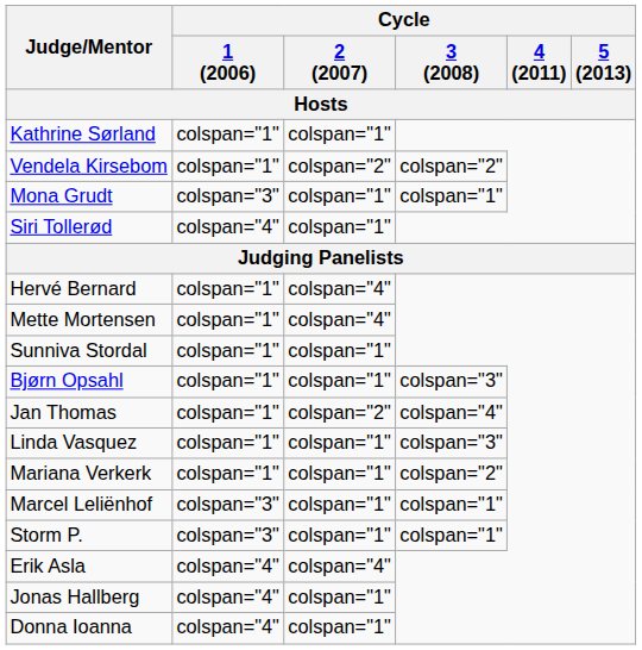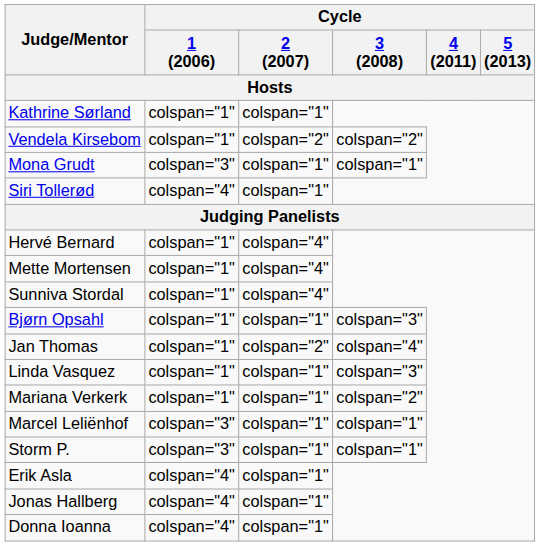 <table class="wikitable" style="margin:1em auto 1em auto;">
 <tr>
 <th rowspan="2">Judge/Mentor</th>
 <th colspan="5">Cycle</th>
 </tr>
 <tr>
 <th><a href='#'>1</a><br> (2006)</th>
 <th><a href='#'>2</a><br> (2007)</th>
 <th><a href='#'>3</a><br> (2008)</th>
 <th><a href='#'>4</a> <br> (2011)</th>
 <th><a href='#'>5</a><br> (2013)</th>
 </tr>
 <tr>
 <th scope="col" colspan="6">Hosts</th>
 </tr>
 <tr>
 <td scope="row"><a href='#'>Kathrine Sørland</a></td>
 <td>colspan="1" </td>
 <td>colspan="1" </td>
 </tr>
 <tr>
 <td scope="row"><a href='#'>Vendela Kirsebom</a></td>
 <td>colspan="1" </td>
 <td>colspan="2" </td>
 <td>colspan="2" </td>
 </tr>
 <tr>
 <td scope="row"><a href='#'>Mona Grudt</a></td>
 <td>colspan="3" </td>
 <td>colspan="1" </td>
 <td>colspan="1" </td>
 </tr>
 <tr>
 <td scope="row"><a href='#'>Siri Tollerød</a></td>
 <td>colspan="4" </td>
 <td>colspan="1" </td>
 </tr>
 <tr>
 <th scope="col" colspan="6">Judging Panelists</th>
 </tr>
 <tr>
 <td scope="row">Hervé Bernard</td>
 <td>colspan="1" </td>
 <td>colspan="4" </td>
 </tr>
 <tr>
 <td scope="row">Mette Mortensen</td>
 <td>colspan="1" </td>
 <td>colspan="4" </td>
 </tr>
 <tr>
 <td scope="row">Sunniva Stordal</td>
 <td>colspan="1" </td>
-<td>colspan="1" </td>
+<td>colspan="4" </td>
 </tr>
 <tr>
 <td scope="row"><a href='#'>Bjørn Opsahl</a></td>
 <td>colspan="1" </td>
 <td>colspan="1" </td>
 <td>colspan="3" </td>
 </tr>
 <tr>
 <td scope="row">Jan Thomas</td>
 <td>colspan="1" </td>
 <td>colspan="2" </td>
 <td>colspan="4" </td>
 </tr>
 <tr>
 <td scope="row">Linda Vasquez</td>
 <td>colspan="1" </td>
 <td>colspan="1" </td>
 <td>colspan="3" </td>
 </tr>
 <tr>
 <td scope="row">Mariana Verkerk</td>
 <td>colspan="1" </td>
 <td>colspan="1" </td>
 <td>colspan="2" </td>
 </tr>
 <tr>
 <td scope="row">Marcel Leliënhof</td>
 <td>colspan="3" </td>
 <td>colspan="1" </td>
 <td>colspan="1" </td>
 </tr>
 <tr>
 <td scope="row">Storm P.</td>
 <td>colspan="3" </td>
 <td>colspan="1" </td>
 <td>colspan="1" </td>
 </tr>
 <tr>
 <td scope="row">Erik Asla</td>
 <td>colspan="4" </td>
-<td>colspan="4" </td>
+<td>colspan="1" </td>
 </tr>
 <tr>
 <td scope="row">Jonas Hallberg</td>
 <td>colspan="4" </td>
 <td>colspan="1" </td>
 </tr>
 <tr>
 <td scope="row">Donna Ioanna</td>
 <td>colspan="4" </td>
 <td>colspan="1" </td>
 </tr>
 </table>
